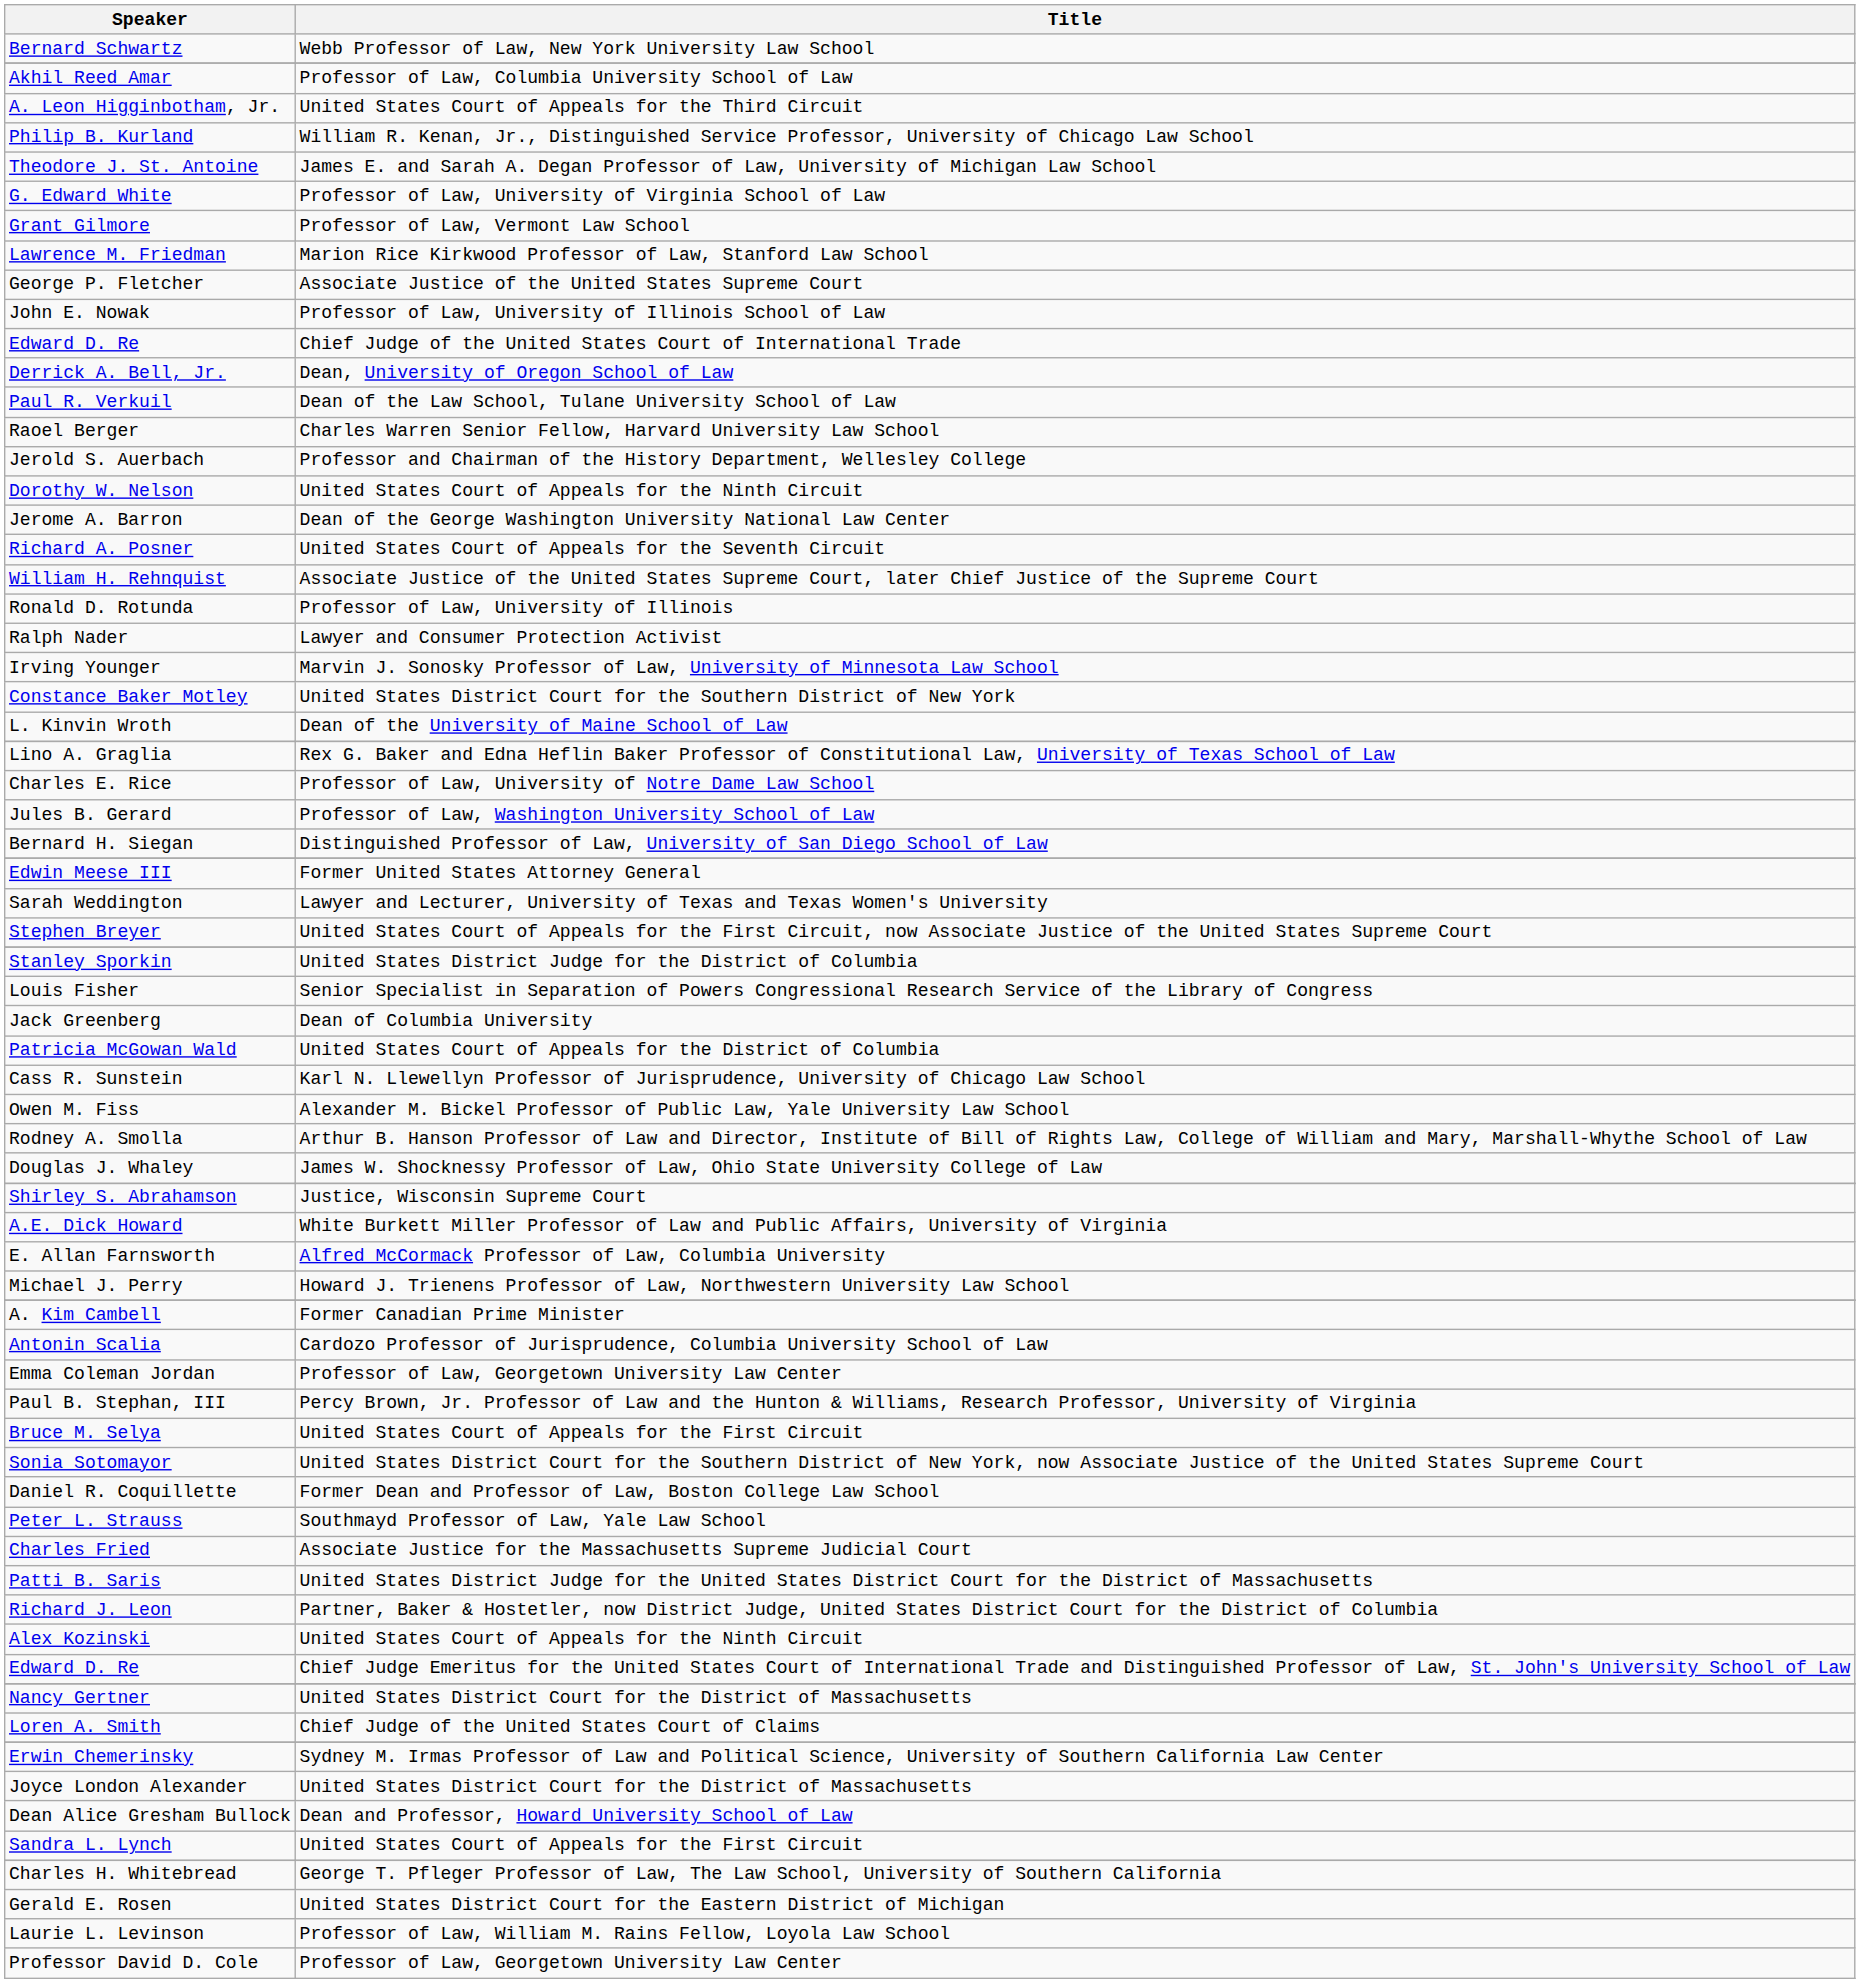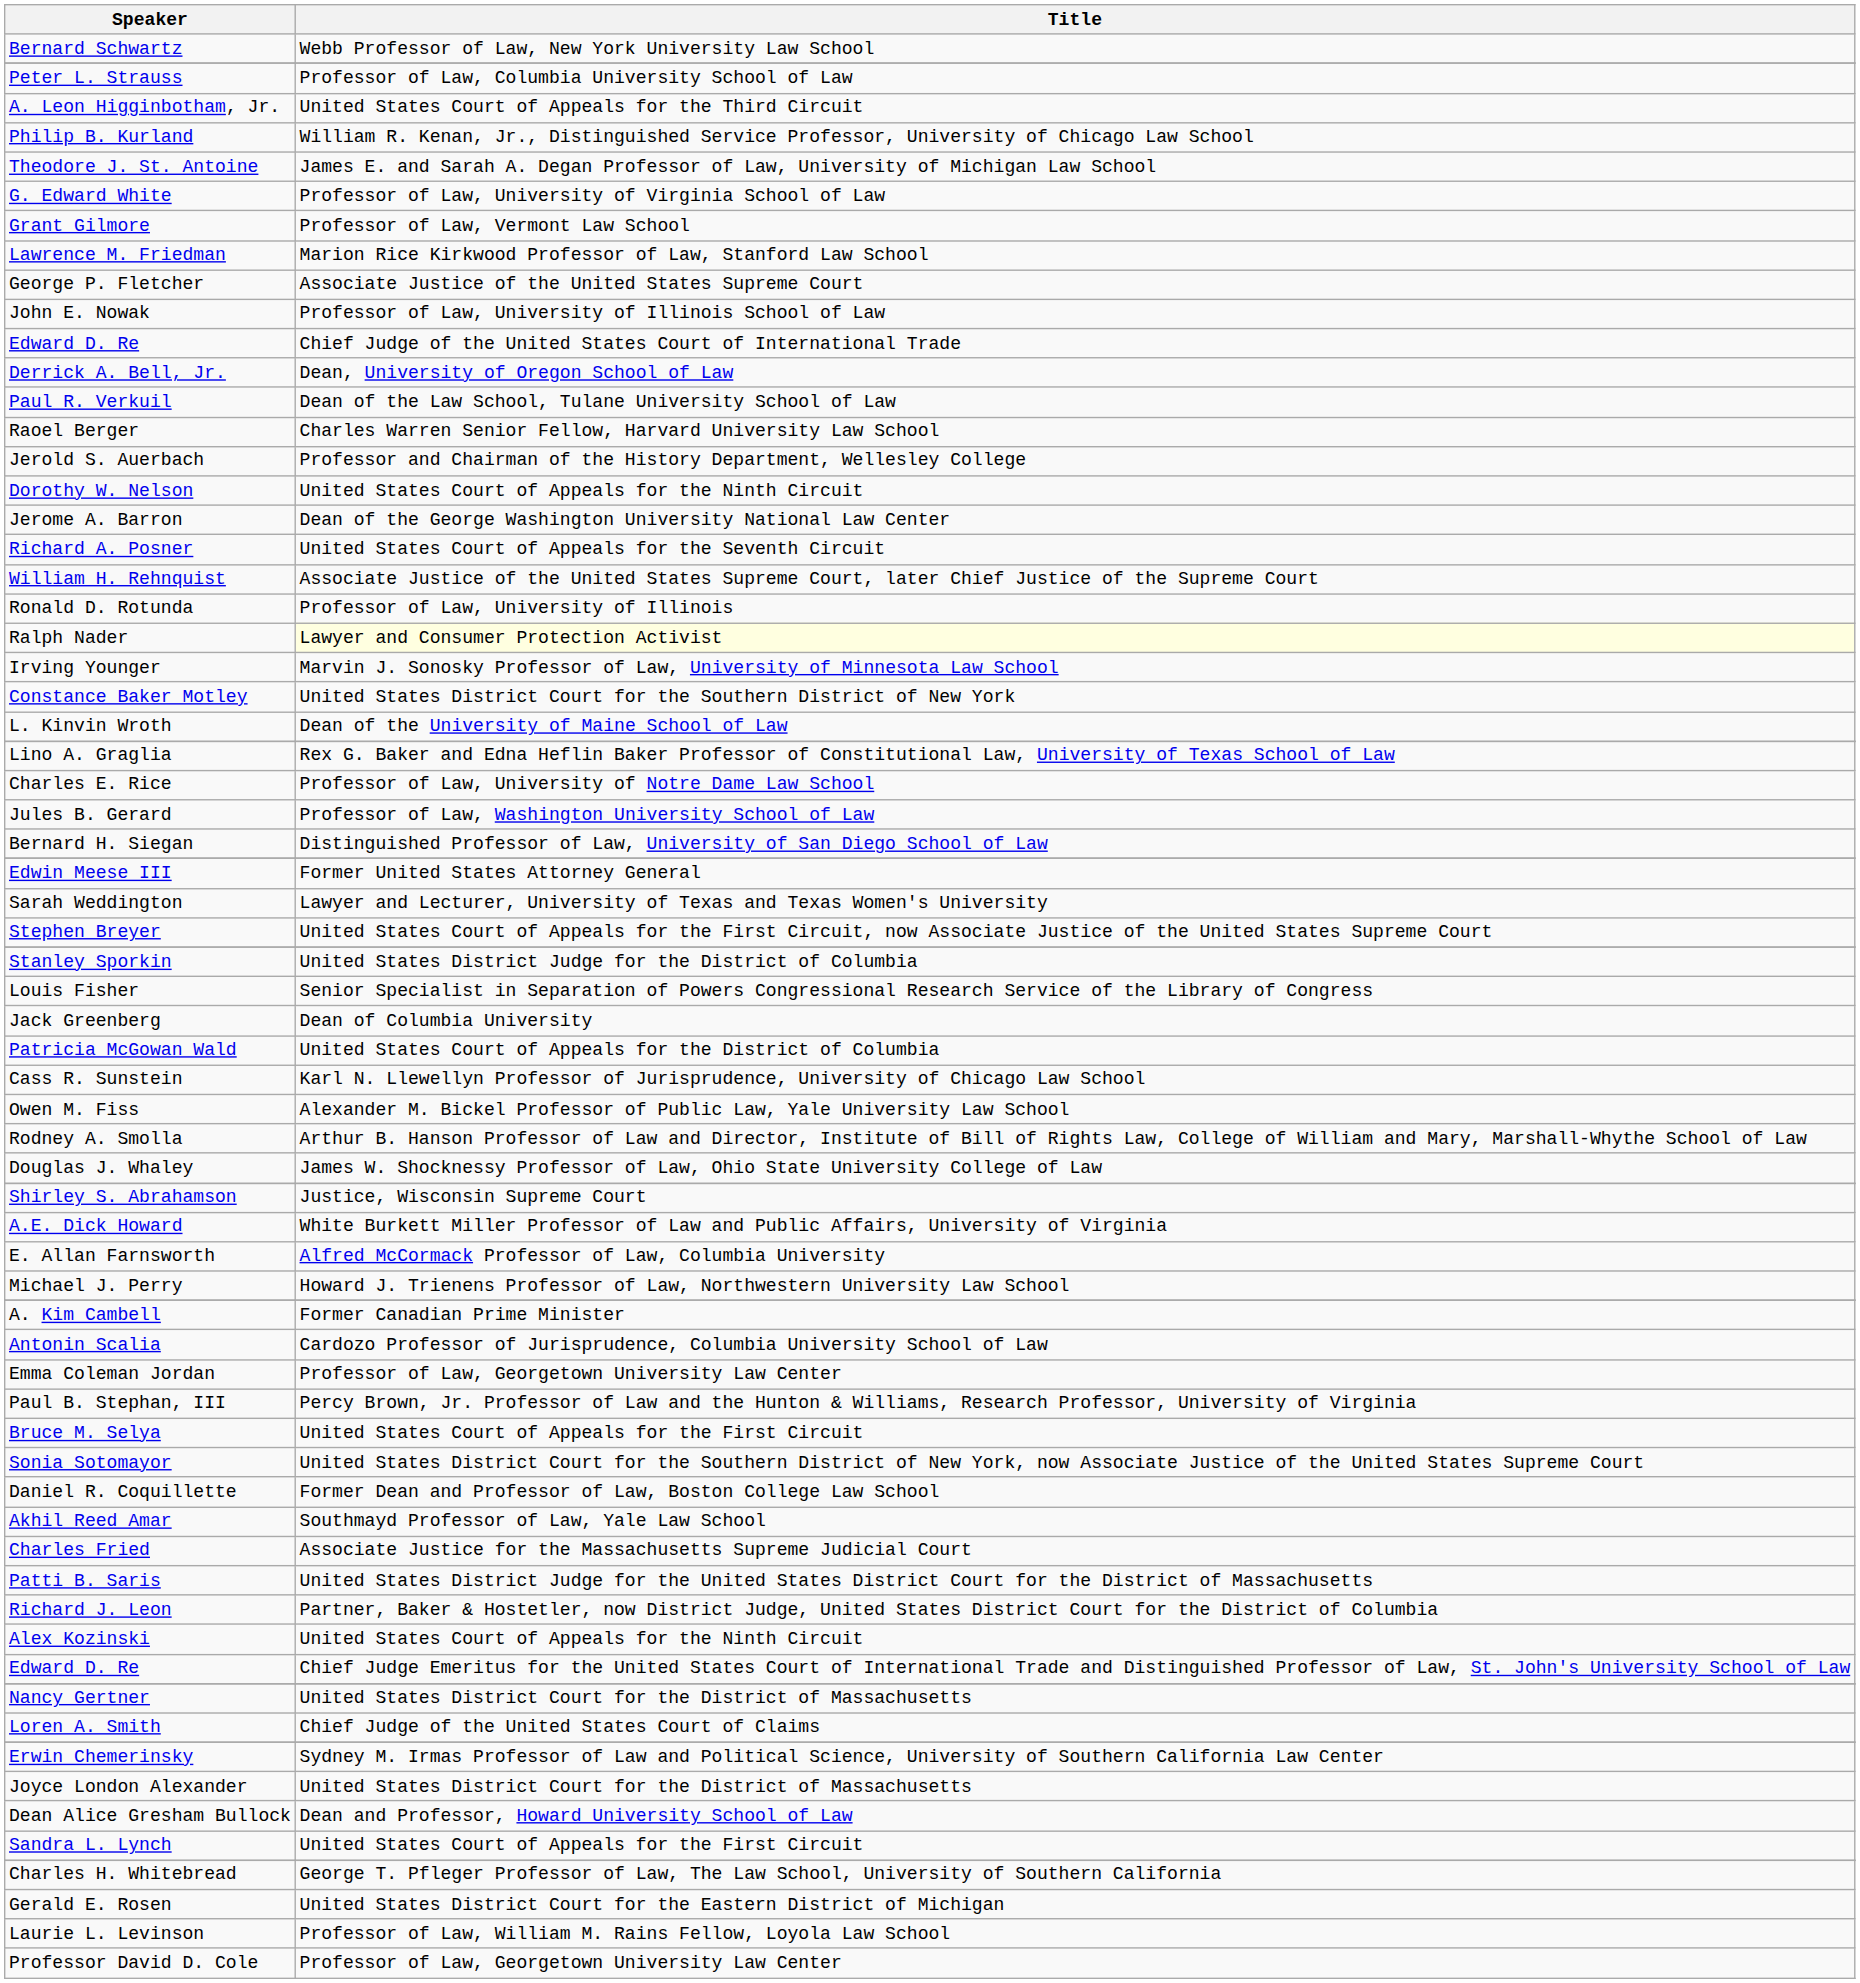 <table class="wikitable" border="1" align="center">
 <tr>
 <th>Speaker</th>
 <th>Title</th>
 </tr>
 <tr>
 <td><a href='#'>Bernard Schwartz</a></td>
 <td>Webb Professor of Law, New York University Law School</td>
 </tr>
 <tr>
 </tr>
 <tr>
-<td><a href='#'>Akhil Reed Amar</a></td>
+<td><a href='#'>Peter L. Strauss</a></td>
 <td>Professor of Law, Columbia University School of Law</td>
 </tr>
 <tr>
 <td><a href='#'>A. Leon Higginbotham</a>, Jr.</td>
 <td>United States Court of Appeals for the Third Circuit</td>
 </tr>
 <tr>
 <td><a href='#'>Philip B. Kurland</a></td>
 <td>William R. Kenan, Jr., Distinguished Service Professor, University of Chicago Law School</td>
 </tr>
 <tr>
 <td><a href='#'>Theodore J. St. Antoine</a></td>
 <td>James E. and Sarah A. Degan Professor of Law, University of Michigan Law School</td>
 </tr>
 <tr>
 <td><a href='#'>G. Edward White</a></td>
 <td>Professor of Law, University of Virginia School of Law</td>
 </tr>
 <tr>
 <td><a href='#'>Grant Gilmore</a></td>
 <td>Professor of Law, Vermont Law School</td>
 </tr>
 <tr>
 <td><a href='#'>Lawrence M. Friedman</a></td>
 <td>Marion Rice Kirkwood Professor of Law, Stanford Law School</td>
 </tr>
 <tr>
 <td>George P. Fletcher</td>
 <td>Associate Justice of the United States Supreme Court</td>
 </tr>
 <tr>
 <td>John E. Nowak</td>
 <td>Professor of Law, University of Illinois School of Law</td>
 </tr>
 <tr>
 <td><a href='#'>Edward D. Re</a></td>
 <td>Chief Judge of the United States Court of International Trade</td>
 </tr>
 <tr>
 <td><a href='#'>Derrick A. Bell, Jr.</a></td>
 <td>Dean, <a href='#'>University of Oregon School of Law</a></td>
 </tr>
 <tr>
 <td><a href='#'>Paul R. Verkuil</a></td>
 <td>Dean of the Law School, Tulane University School of Law</td>
 </tr>
 <tr>
 <td>Raoel Berger</td>
 <td>Charles Warren Senior Fellow, Harvard University Law School</td>
 </tr>
 <tr>
 <td>Jerold S. Auerbach</td>
 <td>Professor and Chairman of the History Department, Wellesley College</td>
 </tr>
 <tr>
 <td><a href='#'>Dorothy W. Nelson</a></td>
 <td>United States Court of Appeals for the Ninth Circuit</td>
 </tr>
 <tr>
 <td>Jerome A. Barron</td>
 <td>Dean of the George Washington University National Law Center</td>
 </tr>
 <tr>
 <td><a href='#'>Richard A. Posner</a></td>
 <td>United States Court of Appeals for the Seventh Circuit</td>
 </tr>
 <tr>
 <td><a href='#'>William H. Rehnquist</a></td>
 <td>Associate Justice of the United States Supreme Court, later Chief Justice of the Supreme Court</td>
 </tr>
 <tr>
 <td>Ronald D. Rotunda</td>
 <td>Professor of Law, University of Illinois</td>
 </tr>
 <tr>
 <td>Ralph Nader</td>
-<td>Lawyer and Consumer Protection Activist</td>
+<td style="background: lightyellow;">Lawyer and Consumer Protection Activist</td>
 </tr>
 <tr>
 <td>Irving Younger</td>
 <td>Marvin J. Sonosky Professor of Law, <a href='#'>University of Minnesota Law School</a></td>
 </tr>
 <tr>
 <td><a href='#'>Constance Baker Motley</a></td>
 <td>United States District Court for the Southern District of New York</td>
 </tr>
 <tr>
 <td>L. Kinvin Wroth</td>
 <td>Dean of the <a href='#'>University of Maine School of Law</a></td>
 </tr>
 <tr>
 </tr>
 <tr>
 <td>Lino A. Graglia</td>
 <td>Rex G. Baker and Edna Heflin Baker Professor of Constitutional Law, <a href='#'>University of Texas School of Law</a></td>
 </tr>
 <tr>
 <td>Charles E. Rice</td>
 <td>Professor of Law, University of <a href='#'>Notre Dame Law School</a></td>
 </tr>
 <tr>
 <td>Jules B. Gerard</td>
 <td>Professor of Law, <a href='#'>Washington University School of Law</a></td>
 </tr>
 <tr>
 <td>Bernard H. Siegan</td>
 <td>Distinguished Professor of Law, <a href='#'>University of San Diego School of Law</a></td>
 </tr>
 <tr>
 </tr>
 <tr>
 <td><a href='#'>Edwin Meese III</a></td>
 <td>Former United States Attorney General</td>
 </tr>
 <tr>
 <td>Sarah Weddington</td>
 <td>Lawyer and Lecturer, University of Texas and Texas Women's University</td>
 </tr>
 <tr>
 <td><a href='#'>Stephen Breyer</a></td>
 <td>United States Court of Appeals for the First Circuit, now Associate Justice of the United States Supreme Court</td>
 </tr>
 <tr>
 </tr>
 <tr>
 <td><a href='#'>Stanley Sporkin</a></td>
 <td>United States District Judge for the District of Columbia</td>
 </tr>
 <tr>
 <td>Louis Fisher</td>
 <td>Senior Specialist in Separation of Powers Congressional Research Service of the Library of Congress</td>
 </tr>
 <tr>
 <td>Jack Greenberg</td>
 <td>Dean of Columbia University</td>
 </tr>
 <tr>
 <td><a href='#'>Patricia McGowan Wald</a></td>
 <td>United States Court of Appeals for the District of Columbia</td>
 </tr>
 <tr>
 <td>Cass R. Sunstein</td>
 <td>Karl N. Llewellyn Professor of Jurisprudence, University of Chicago Law School</td>
 </tr>
 <tr>
 <td>Owen M. Fiss</td>
 <td>Alexander M. Bickel Professor of Public Law, Yale University Law School</td>
 </tr>
 <tr>
 <td>Rodney A. Smolla</td>
 <td>Arthur B. Hanson Professor of Law and Director, Institute of Bill of Rights Law, College of William and Mary, Marshall-Whythe School of Law</td>
 </tr>
 <tr>
 <td>Douglas J. Whaley</td>
 <td>James W. Shocknessy Professor of Law, Ohio State University College of Law</td>
 </tr>
 <tr>
 </tr>
 <tr>
 </tr>
 <tr>
 <td><a href='#'>Shirley S. Abrahamson</a></td>
 <td>Justice, Wisconsin Supreme Court</td>
 </tr>
 <tr>
 <td><a href='#'>A.E. Dick Howard</a></td>
 <td>White Burkett Miller Professor of Law and Public Affairs, University of Virginia</td>
 </tr>
 <tr>
 <td>E. Allan Farnsworth</td>
 <td><a href='#'>Alfred McCormack</a> Professor of Law, Columbia University</td>
 </tr>
 <tr>
 <td>Michael J. Perry</td>
 <td>Howard J. Trienens Professor of Law, Northwestern University Law School</td>
 </tr>
 <tr>
 </tr>
 <tr>
 </tr>
 <tr>
 <td>A. <a href='#'>Kim Cambell</a></td>
 <td>Former Canadian Prime Minister</td>
 </tr>
 <tr>
 <td><a href='#'>Antonin Scalia</a></td>
 <td>Cardozo Professor of Jurisprudence, Columbia University School of Law</td>
 </tr>
 <tr>
 <td>Emma Coleman Jordan</td>
 <td>Professor of Law, Georgetown University Law Center</td>
 </tr>
 <tr>
 <td>Paul B. Stephan, III</td>
 <td>Percy Brown, Jr. Professor of Law and the Hunton & Williams, Research Professor, University of Virginia</td>
 </tr>
 <tr>
 <td><a href='#'>Bruce M. Selya</a></td>
 <td>United States Court of Appeals for the First Circuit</td>
 </tr>
 <tr>
 <td><a href='#'>Sonia Sotomayor</a></td>
 <td>United States District Court for the Southern District of New York, now Associate Justice of the United States Supreme Court</td>
 </tr>
 <tr>
 <td>Daniel R. Coquillette</td>
 <td>Former Dean and Professor of Law, Boston College Law School</td>
 </tr>
 <tr>
-<td><a href='#'>Peter L. Strauss</a></td>
+<td><a href='#'>Akhil Reed Amar</a></td>
 <td>Southmayd Professor of Law, Yale Law School</td>
 </tr>
 <tr>
 <td><a href='#'>Charles Fried</a></td>
 <td>Associate Justice for the Massachusetts Supreme Judicial Court</td>
 </tr>
 <tr>
 <td><a href='#'>Patti B. Saris</a></td>
 <td>United States District Judge for the United States District Court for the District of Massachusetts</td>
 </tr>
 <tr>
 <td><a href='#'>Richard J. Leon</a></td>
 <td>Partner, Baker & Hostetler, now District Judge, United States District Court for the District of Columbia</td>
 </tr>
 <tr>
 <td><a href='#'>Alex Kozinski</a></td>
 <td>United States Court of Appeals for the Ninth Circuit</td>
 </tr>
 <tr>
 <td><a href='#'>Edward D. Re</a></td>
 <td>Chief Judge Emeritus for the United States Court of International Trade and Distinguished Professor of Law, <a href='#'>St. John's University School of Law</a></td>
 </tr>
 <tr>
 </tr>
 <tr>
 <td><a href='#'>Nancy Gertner</a></td>
 <td>United States District Court for the District of Massachusetts</td>
 </tr>
 <tr>
 <td><a href='#'>Loren A. Smith</a></td>
 <td>Chief Judge of the United States Court of Claims</td>
 </tr>
 <tr>
 </tr>
 <tr>
 </tr>
 <tr>
 <td><a href='#'>Erwin Chemerinsky</a></td>
 <td>Sydney M. Irmas Professor of Law and Political Science, University of Southern California Law Center</td>
 </tr>
 <tr>
 <td>Joyce London Alexander</td>
 <td>United States District Court for the District of Massachusetts</td>
 </tr>
 <tr>
 <td>Dean Alice Gresham Bullock</td>
 <td>Dean and Professor, <a href='#'>Howard University School of Law</a></td>
 </tr>
 <tr>
 <td><a href='#'>Sandra L. Lynch</a></td>
 <td>United States Court of Appeals for the First Circuit</td>
 </tr>
 <tr>
 </tr>
 <tr>
 <td>Charles H. Whitebread</td>
 <td>George T. Pfleger Professor of Law, The Law School, University of Southern California</td>
 </tr>
 <tr>
 <td>Gerald E. Rosen</td>
 <td>United States District Court for the Eastern District of Michigan</td>
 </tr>
 <tr>
 <td>Laurie L. Levinson</td>
 <td>Professor of Law, William M. Rains Fellow, Loyola Law School</td>
 </tr>
 <tr>
 <td>Professor David D. Cole</td>
 <td>Professor of Law, Georgetown University Law Center</td>
 </tr>
 <tr>
 </tr>
 </table>
